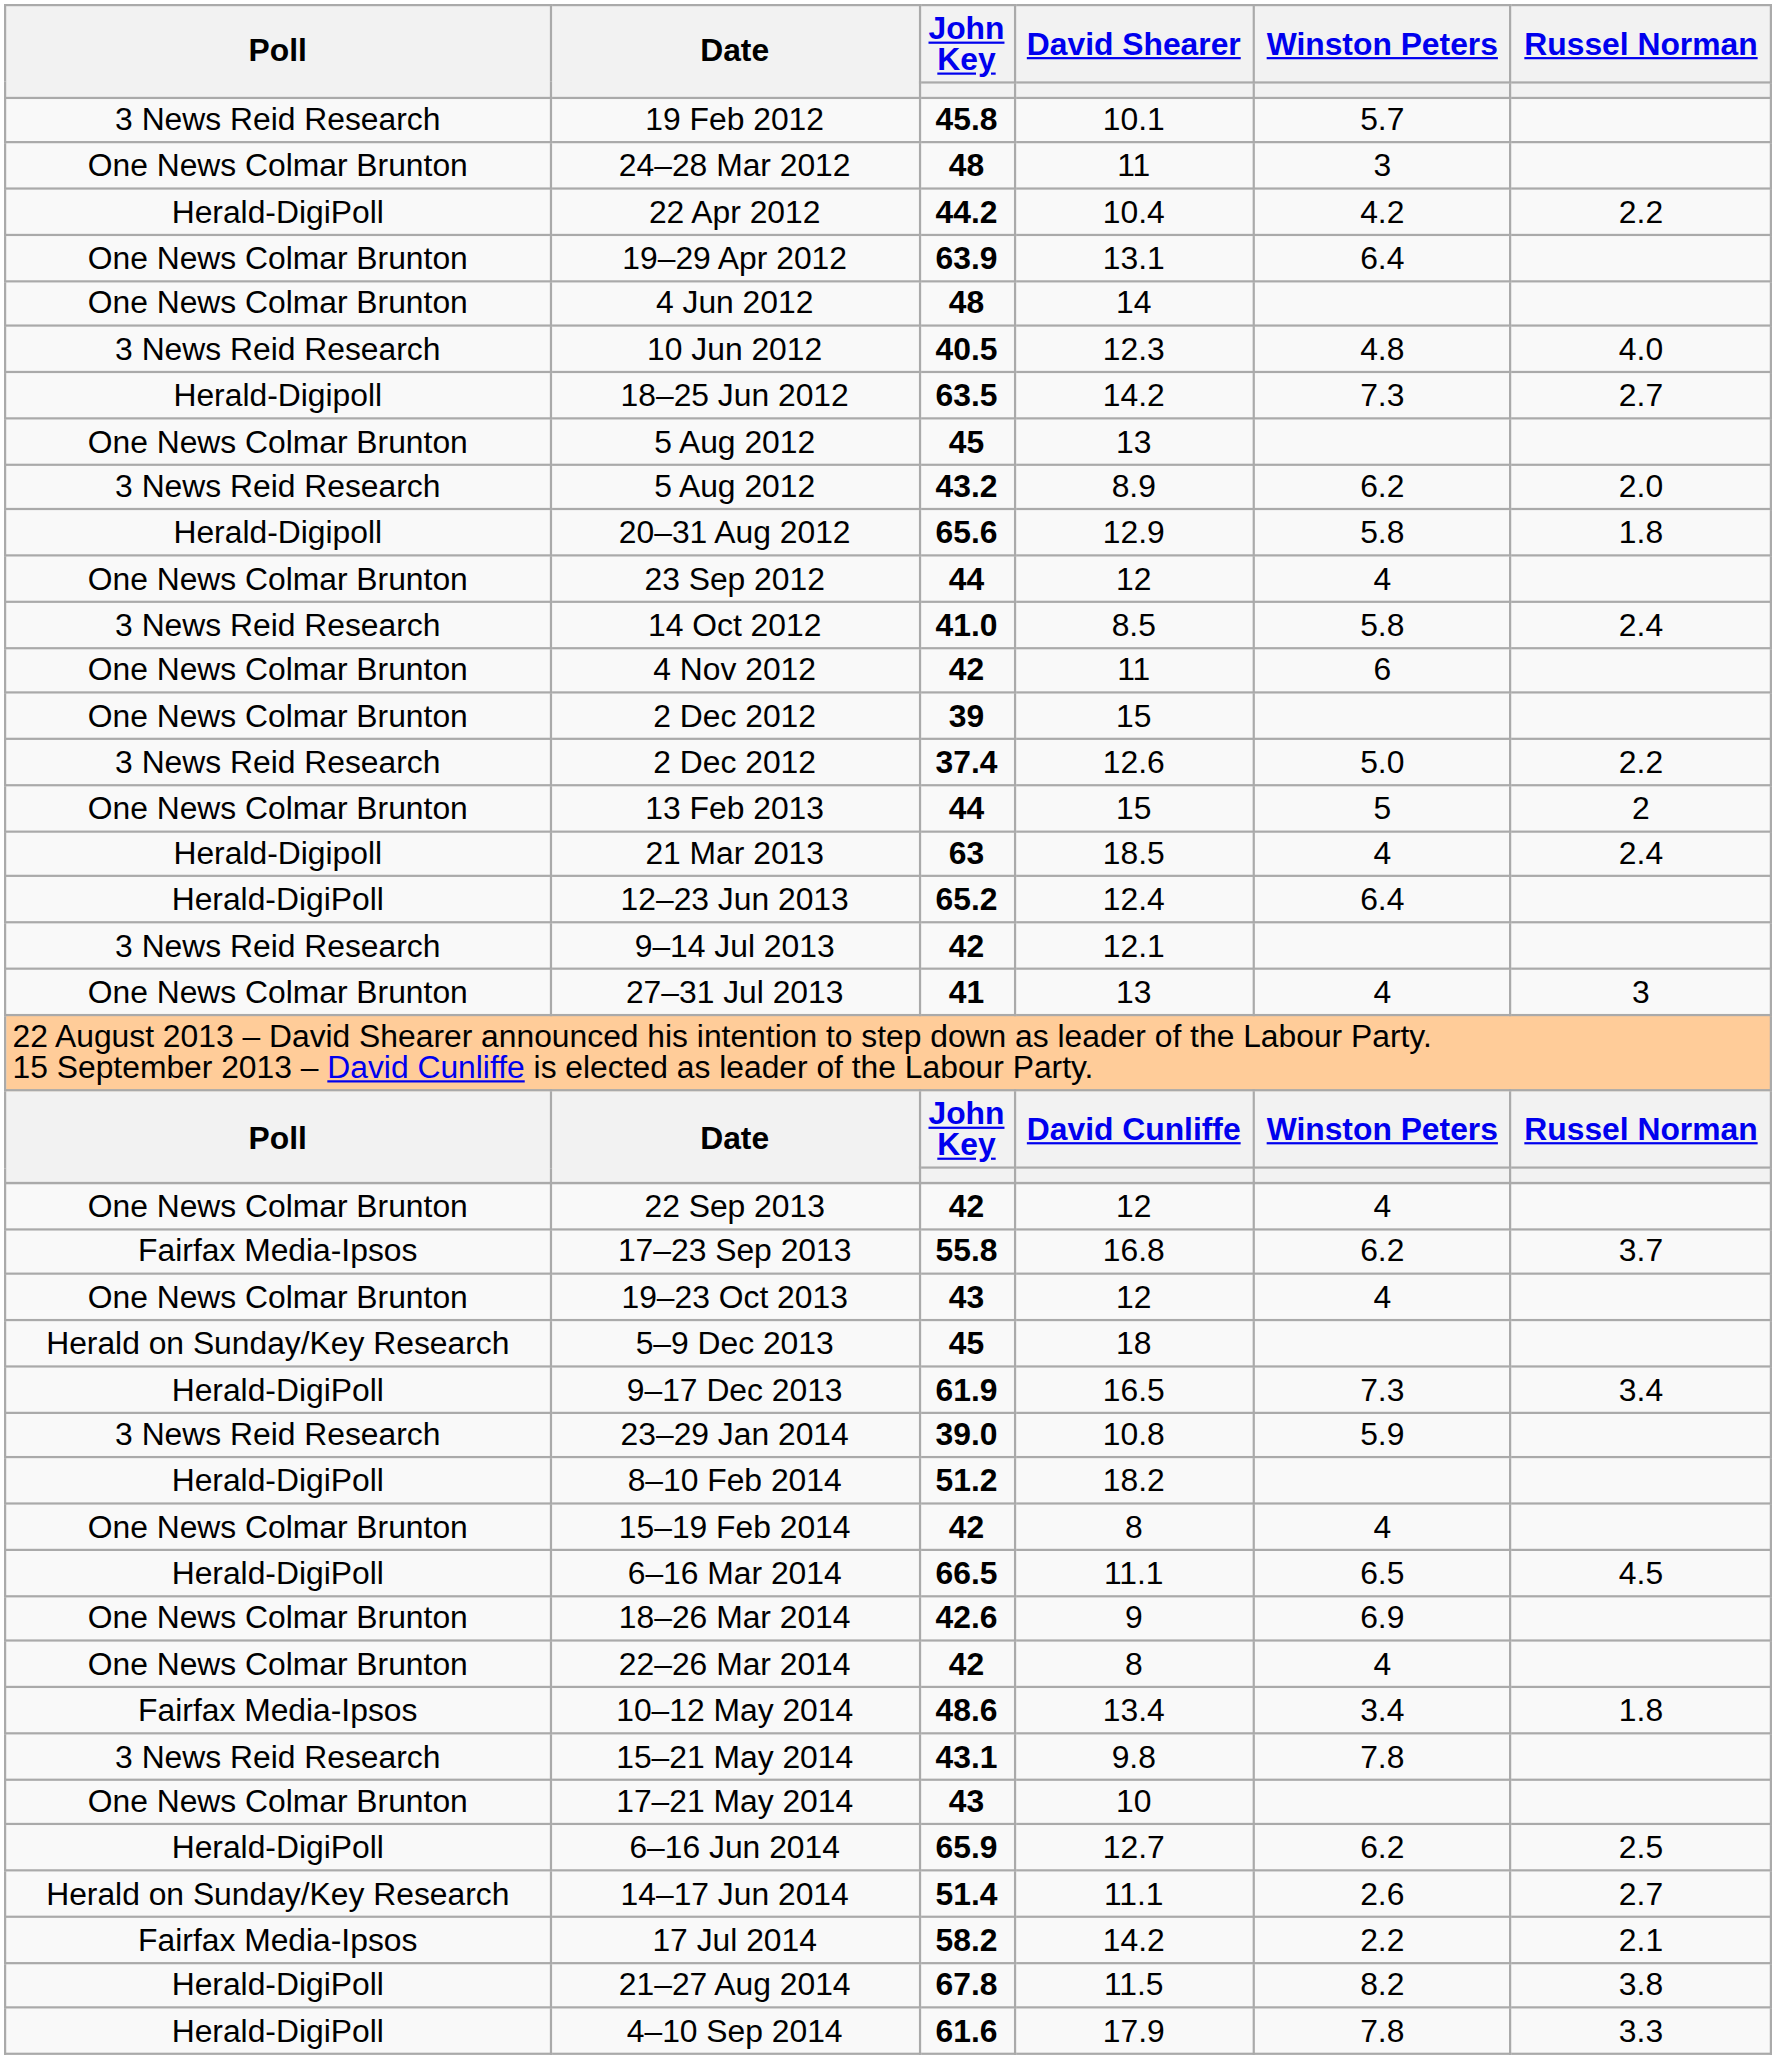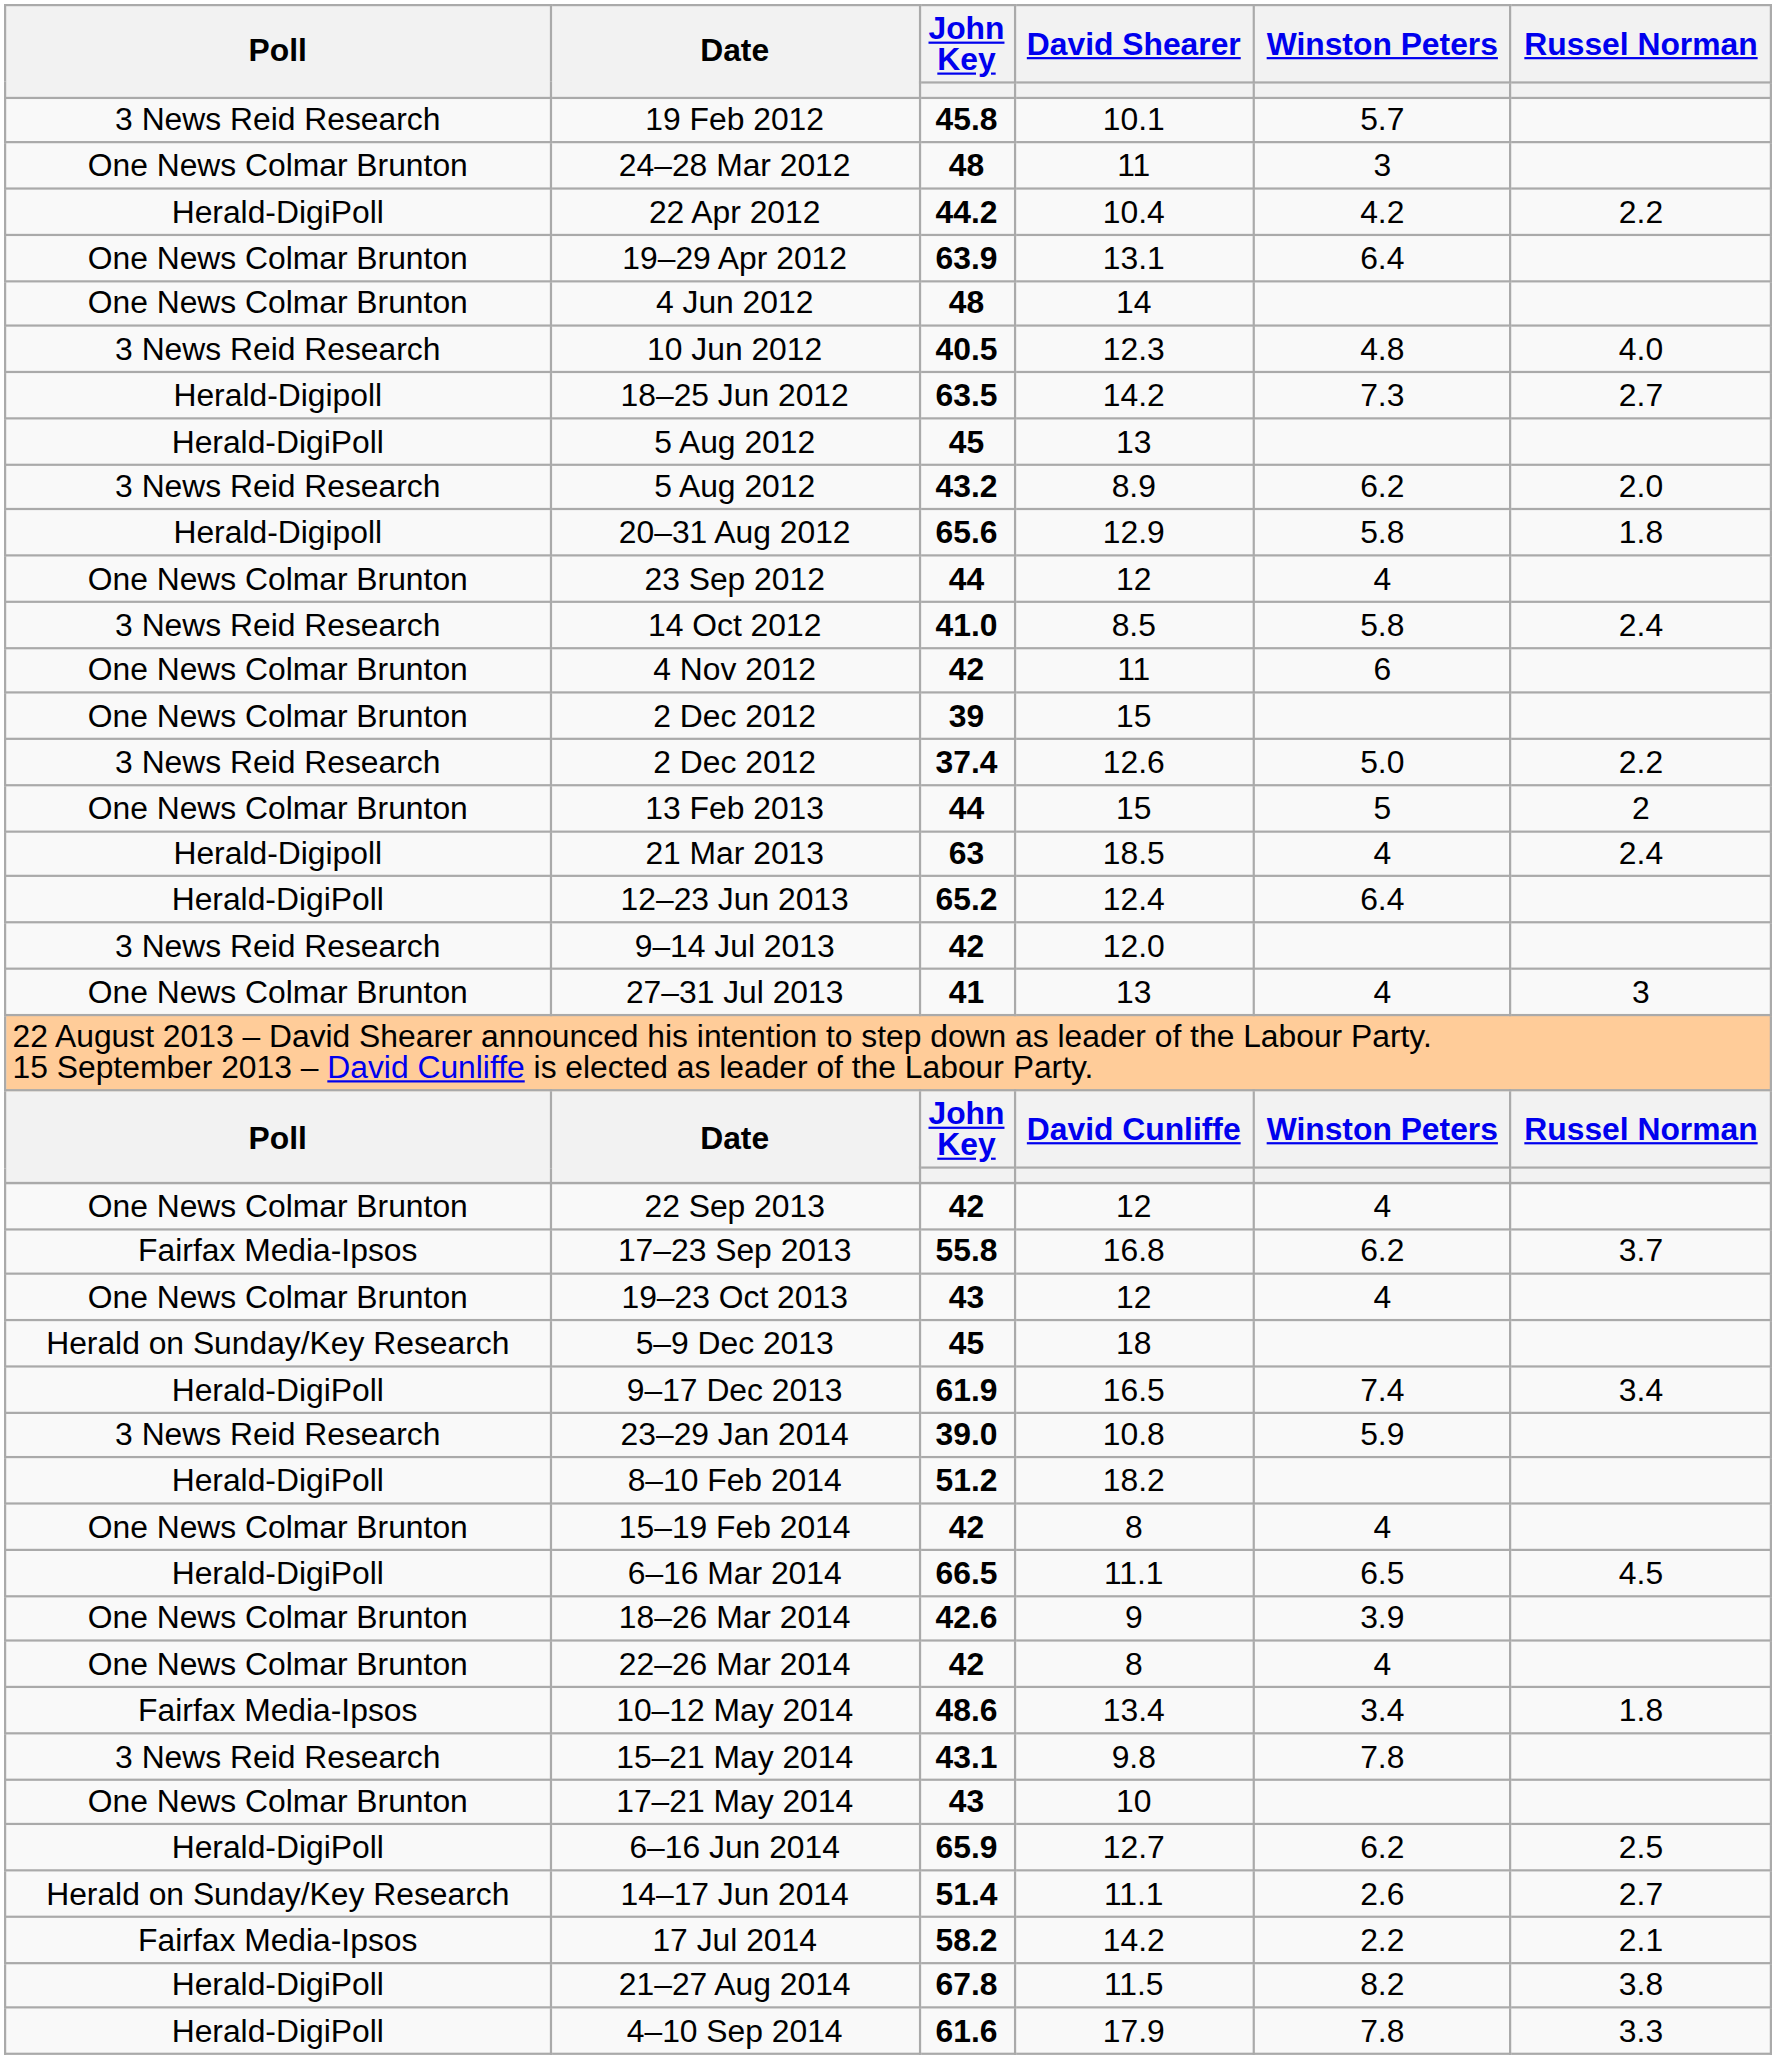 <table class="wikitable sortable" style="width:800px;font-size:90%;line-height:14px;text-align:center;">
 <tr style="height:32px">
 <th style="width:240px;" rowspan="2">Poll</th>
 <th style="width:160px;" rowspan="2">Date<br></th>
 <th><a href='#'>John<br>Key</a></th>
 <th><a href='#'>David Shearer</a></th>
 <th><a href='#'>Winston Peters</a></th>
 <th><a href='#'>Russel Norman</a></th>
 </tr>
 <tr>
 <th class="unsortable" style="color:inherit;background:"></th>
 <th class="unsortable" style="color:inherit;background:"></th>
 <th class="unsortable" style="color:inherit;background:"></th>
 <th class="unsortable" style="color:inherit;background:"></th>
 </tr>
 <tr>
 <td>3 News Reid Research</td>
 <td>19 Feb 2012</td>
 <td><strong>45.8</strong></td>
 <td>10.1</td>
 <td>5.7</td>
 <td></td>
 </tr>
 <tr>
 <td>One News Colmar Brunton</td>
 <td>24–28 Mar 2012</td>
 <td><strong>48</strong></td>
 <td>11</td>
 <td>3</td>
 <td></td>
 </tr>
 <tr>
 <td>Herald-DigiPoll</td>
 <td>22 Apr 2012</td>
 <td><strong>44.2</strong></td>
 <td>10.4</td>
 <td>4.2</td>
 <td>2.2</td>
 </tr>
 <tr>
 <td>One News Colmar Brunton</td>
 <td>19–29 Apr 2012</td>
 <td><strong>63.9</strong></td>
 <td>13.1</td>
 <td>6.4</td>
 <td></td>
 </tr>
 <tr>
 <td>One News Colmar Brunton</td>
 <td>4 Jun 2012</td>
 <td><strong>48</strong></td>
 <td>14</td>
 <td></td>
 <td></td>
 </tr>
 <tr>
 <td>3 News Reid Research </td>
 <td>10 Jun 2012</td>
 <td><strong>40.5</strong></td>
 <td>12.3</td>
 <td>4.8</td>
 <td>4.0</td>
 </tr>
 <tr>
 <td>Herald-Digipoll</td>
 <td>18–25 Jun 2012</td>
 <td><strong>63.5</strong></td>
 <td>14.2</td>
 <td>7.3</td>
 <td>2.7</td>
 </tr>
 <tr>
-<td>One News Colmar Brunton</td>
+<td>Herald-DigiPoll</td>
 <td>5 Aug 2012</td>
 <td><strong>45</strong></td>
 <td>13</td>
 <td></td>
 <td></td>
 </tr>
 <tr>
 <td>3 News Reid Research </td>
 <td>5 Aug 2012</td>
 <td><strong>43.2</strong></td>
 <td>8.9</td>
 <td>6.2</td>
 <td>2.0</td>
 </tr>
 <tr>
 <td>Herald-Digipoll</td>
 <td>20–31 Aug 2012</td>
 <td><strong>65.6</strong></td>
 <td>12.9</td>
 <td>5.8</td>
 <td>1.8</td>
 </tr>
 <tr>
 <td>One News Colmar Brunton</td>
 <td>23 Sep 2012</td>
 <td><strong>44</strong></td>
 <td>12</td>
 <td>4</td>
 <td></td>
 </tr>
 <tr>
 <td>3 News Reid Research </td>
 <td>14 Oct 2012</td>
 <td><strong>41.0</strong></td>
 <td>8.5</td>
 <td>5.8</td>
 <td>2.4</td>
 </tr>
 <tr>
 <td>One News Colmar Brunton</td>
 <td>4 Nov 2012</td>
 <td><strong>42</strong></td>
 <td>11</td>
 <td>6</td>
 <td></td>
 </tr>
 <tr>
 <td>One News Colmar Brunton</td>
 <td>2 Dec 2012</td>
 <td><strong>39</strong></td>
 <td>15</td>
 <td></td>
 <td></td>
 </tr>
 <tr>
 <td>3 News Reid Research </td>
 <td>2 Dec 2012</td>
 <td><strong>37.4</strong></td>
 <td>12.6</td>
 <td>5.0</td>
 <td>2.2</td>
 </tr>
 <tr>
 <td>One News Colmar Brunton</td>
 <td>13 Feb 2013</td>
 <td><strong>44</strong></td>
 <td>15</td>
 <td>5</td>
 <td>2</td>
 </tr>
 <tr>
 <td>Herald-Digipoll</td>
 <td>21 Mar 2013</td>
 <td><strong>63</strong></td>
 <td>18.5</td>
 <td>4</td>
 <td>2.4</td>
 </tr>
 <tr>
 <td>Herald-DigiPoll</td>
 <td>12–23 Jun 2013</td>
 <td><strong>65.2</strong></td>
 <td>12.4</td>
 <td>6.4</td>
 <td></td>
 </tr>
 <tr>
 <td>3 News Reid Research</td>
 <td>9–14 Jul 2013</td>
 <td><strong>42</strong></td>
-<td>12.1</td>
+<td>12.0</td>
 <td></td>
 <td></td>
 </tr>
 <tr>
 <td>One News Colmar Brunton</td>
 <td>27–31 Jul 2013</td>
 <td><strong>41</strong></td>
 <td>13</td>
 <td>4</td>
 <td>3</td>
 </tr>
 <tr>
 <td colspan="12" style="background:#fc9;text-align:left;">22 August 2013 – David Shearer announced his intention to step down as leader of the Labour Party.<br>15 September 2013 – <a href='#'>David Cunliffe</a> is elected as leader of the Labour Party.</td>
 </tr>
 <tr>
 <th style="width:240px;" rowspan="2">Poll</th>
 <th style="width:160px;" rowspan="2">Date</th>
 <th><a href='#'>John<br>Key</a></th>
 <th><a href='#'>David Cunliffe</a></th>
 <th><a href='#'>Winston Peters</a></th>
 <th><a href='#'>Russel Norman</a></th>
 </tr>
 <tr>
 <th class="unsortable" style="color:inherit;background:"></th>
 <th class="unsortable" style="color:inherit;background:"></th>
 <th class="unsortable" style="color:inherit;background:"></th>
 <th class="unsortable" style="color:inherit;background:"></th>
 </tr>
 <tr>
 </tr>
 <tr>
 <td>One News Colmar Brunton</td>
 <td>22 Sep 2013</td>
 <td><strong>42</strong></td>
 <td>12</td>
 <td>4</td>
 <td></td>
 </tr>
 <tr>
 <td>Fairfax Media-Ipsos</td>
 <td>17–23 Sep 2013</td>
 <td><strong>55.8</strong></td>
 <td>16.8</td>
 <td>6.2</td>
 <td>3.7</td>
 </tr>
 <tr>
 <td>One News Colmar Brunton</td>
 <td>19–23 Oct 2013</td>
 <td><strong>43</strong></td>
 <td>12</td>
 <td>4</td>
 <td></td>
 </tr>
 <tr>
 <td>Herald on Sunday/Key Research</td>
 <td>5–9 Dec 2013</td>
 <td><strong>45</strong></td>
 <td>18</td>
 <td></td>
 <td></td>
 </tr>
 <tr>
 <td>Herald-DigiPoll</td>
 <td>9–17 Dec 2013</td>
 <td><strong>61.9</strong></td>
 <td>16.5</td>
-<td>7.3</td>
+<td>7.4</td>
 <td>3.4</td>
 </tr>
 <tr>
 <td>3 News Reid Research</td>
 <td>23–29 Jan 2014</td>
 <td><strong>39.0</strong></td>
 <td>10.8</td>
 <td>5.9</td>
 <td></td>
 </tr>
 <tr>
 <td>Herald-DigiPoll</td>
 <td>8–10 Feb 2014</td>
 <td><strong>51.2</strong></td>
 <td>18.2</td>
 <td></td>
 <td></td>
 </tr>
 <tr>
 <td>One News Colmar Brunton</td>
 <td>15–19 Feb 2014</td>
 <td><strong>42</strong></td>
 <td>8</td>
 <td>4</td>
 <td></td>
 </tr>
 <tr>
 <td>Herald-DigiPoll</td>
 <td>6–16 Mar 2014</td>
 <td><strong>66.5</strong></td>
 <td>11.1</td>
 <td>6.5</td>
 <td>4.5</td>
 </tr>
 <tr>
 <td>One News Colmar Brunton</td>
 <td>18–26 Mar 2014</td>
 <td><strong>42.6</strong></td>
 <td>9</td>
-<td>6.9</td>
+<td>3.9</td>
 <td></td>
 </tr>
 <tr>
 <td>One News Colmar Brunton</td>
 <td>22–26 Mar 2014</td>
 <td><strong>42</strong></td>
 <td>8</td>
 <td>4</td>
 <td></td>
 </tr>
 <tr>
 <td>Fairfax Media-Ipsos</td>
 <td>10–12 May 2014</td>
 <td><strong>48.6</strong></td>
 <td>13.4</td>
 <td>3.4</td>
 <td>1.8</td>
 </tr>
 <tr>
 <td>3 News Reid Research</td>
 <td>15–21 May 2014</td>
 <td><strong>43.1</strong></td>
 <td>9.8</td>
 <td>7.8</td>
 <td></td>
 </tr>
 <tr>
 <td>One News Colmar Brunton</td>
 <td>17–21 May 2014</td>
 <td><strong>43</strong></td>
 <td>10</td>
 <td></td>
 <td></td>
 </tr>
 <tr>
 <td>Herald-DigiPoll</td>
 <td>6–16 Jun 2014</td>
 <td><strong>65.9</strong></td>
 <td>12.7</td>
 <td>6.2</td>
 <td>2.5</td>
 </tr>
 <tr>
 <td>Herald on Sunday/Key Research</td>
 <td>14–17 Jun 2014</td>
 <td><strong>51.4</strong></td>
 <td>11.1</td>
 <td>2.6</td>
 <td>2.7</td>
 </tr>
 <tr>
 <td>Fairfax Media-Ipsos</td>
 <td>17 Jul 2014</td>
 <td><strong>58.2</strong></td>
 <td>14.2</td>
 <td>2.2</td>
 <td>2.1</td>
 </tr>
 <tr>
 <td>Herald-DigiPoll</td>
 <td>21–27 Aug 2014</td>
 <td><strong>67.8</strong></td>
 <td>11.5</td>
 <td>8.2</td>
 <td>3.8</td>
 </tr>
 <tr>
 <td>Herald-DigiPoll</td>
 <td>4–10 Sep 2014</td>
 <td><strong>61.6</strong></td>
 <td>17.9</td>
 <td>7.8</td>
 <td>3.3</td>
 </tr>
 </table>
